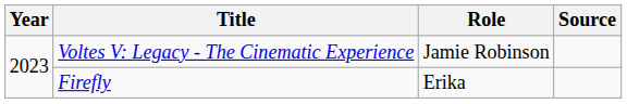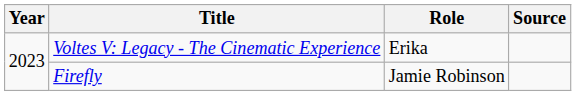 <table class="wikitable sortable">
 <tr>
 <th>Year</th>
 <th>Title</th>
 <th>Role</th>
 <th>Source</th>
 </tr>
 <tr>
 <td rowspan="2">2023</td>
 <td><em><a href='#'>Voltes V: Legacy - The Cinematic Experience</a></em></td>
-<td>Jamie Robinson</td>
+<td>Erika</td>
 <td></td>
 </tr>
 <tr>
 <td><em><a href='#'>Firefly</a></em></td>
-<td>Erika</td>
+<td>Jamie Robinson</td>
 <td></td>
 </tr>
 </table>
